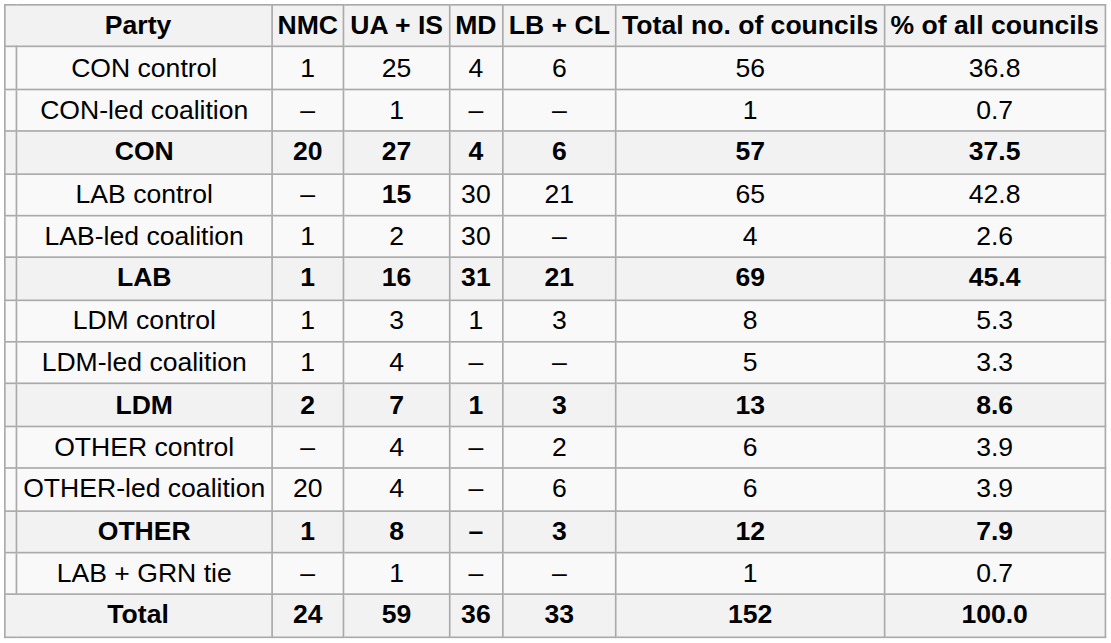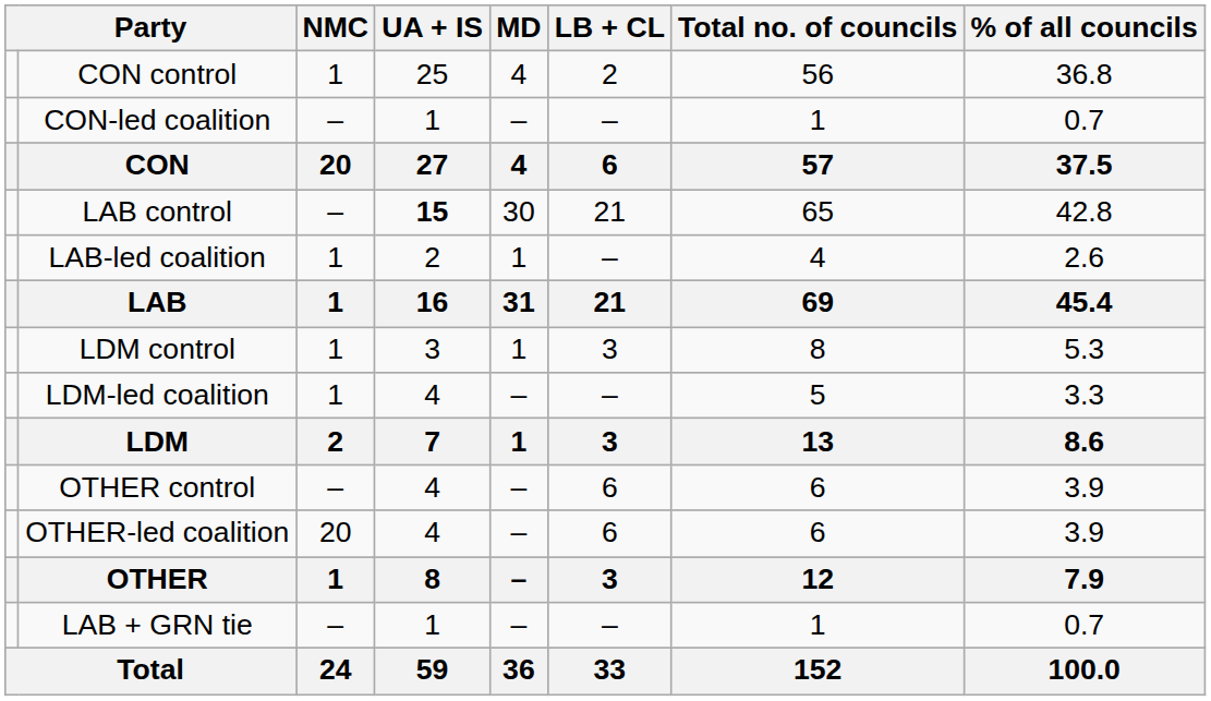 <table class="wikitable sortable" style="text-align:center;">
 <tr>
 <th colspan="2">Party</th>
 <th>NMC</th>
 <th>UA + IS</th>
 <th>MD</th>
 <th>LB + CL</th>
 <th>Total no. of councils</th>
 <th>% of all councils</th>
 </tr>
 <tr>
 <td style="color: white; background:"></td>
 <td>CON control</td>
 <td>1</td>
 <td>25</td>
 <td>4</td>
-<td>6</td>
+<td>2</td>
 <td>56</td>
 <td>36.8</td>
 </tr>
 <tr>
 <td></td>
 <td>CON-led coalition</td>
 <td>–</td>
 <td>1</td>
 <td>–</td>
 <td>–</td>
 <td>1</td>
 <td>0.7</td>
 </tr>
 <tr>
 <th></th>
 <th>CON</th>
 <th>20</th>
 <th>27</th>
 <th>4</th>
 <th>6</th>
 <th>57</th>
 <th>37.5</th>
 </tr>
 <tr>
 <td style="color: white; background:"></td>
 <td>LAB control</td>
 <td>–</td>
 <td><strong>15</strong></td>
 <td>30</td>
 <td>21</td>
 <td>65</td>
 <td>42.8</td>
 </tr>
 <tr>
 <td></td>
 <td>LAB-led coalition</td>
 <td>1</td>
 <td>2</td>
-<td>30</td>
+<td>1</td>
 <td>–</td>
 <td>4</td>
 <td>2.6</td>
 </tr>
 <tr>
 <th></th>
 <th>LAB</th>
 <th>1</th>
 <th>16</th>
 <th>31</th>
 <th>21</th>
 <th>69</th>
 <th>45.4</th>
 </tr>
 <tr>
 <td style="color: black; background:"></td>
 <td>LDM control</td>
 <td>1</td>
 <td>3</td>
 <td>1</td>
 <td>3</td>
 <td>8</td>
 <td>5.3</td>
 </tr>
 <tr>
 <td></td>
 <td>LDM-led coalition</td>
 <td>1</td>
 <td>4</td>
 <td>–</td>
 <td>–</td>
 <td>5</td>
 <td>3.3</td>
 </tr>
 <tr>
 <th></th>
 <th>LDM</th>
 <th>2</th>
 <th>7</th>
 <th>1</th>
 <th>3</th>
 <th>13</th>
 <th>8.6</th>
 </tr>
 <tr>
 <td style="color: white; background:"></td>
 <td>OTHER control</td>
 <td>–</td>
 <td>4</td>
 <td>–</td>
-<td>2</td>
+<td>6</td>
 <td>6</td>
 <td>3.9</td>
 </tr>
 <tr>
 <td></td>
 <td>OTHER-led coalition</td>
 <td>20</td>
 <td>4</td>
 <td>–</td>
 <td>6</td>
 <td>6</td>
 <td>3.9</td>
 </tr>
 <tr>
 <th></th>
 <th>OTHER</th>
 <th>1</th>
 <th>8</th>
 <th>–</th>
 <th>3</th>
 <th>12</th>
 <th>7.9</th>
 </tr>
 <tr>
 <td style="color: black; background:"></td>
 <td>LAB + GRN tie</td>
 <td>–</td>
 <td>1</td>
 <td>–</td>
 <td>–</td>
 <td>1</td>
 <td>0.7</td>
 </tr>
 <tr>
 <th colspan="2">Total</th>
 <th>24</th>
 <th>59</th>
 <th>36</th>
 <th>33</th>
 <th>152</th>
 <th>100.0</th>
 </tr>
 </table>
